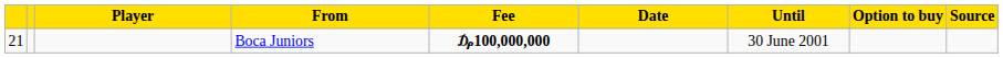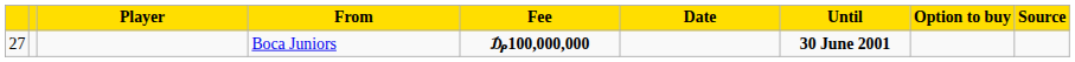 <table class="wikitable sortable">
 <tr>
 <th style="background:#FFDE00"></th>
 <th style="background:#FFDE00"></th>
 <th width=200 style="background:#FFDE00">Player</th>
 <th width=200 style="background:#FFDE00">From</th>
 <th width=150 style="background:#FFDE00">Fee</th>
 <th width=150 style="background:#FFDE00">Date</th>
 <th width=120 style="background:#FFDE00">Until</th>
 <th style="background:#FFDE00">Option to buy</th>
 <th style="background:#FFDE00">Source</th>
 </tr>
 <tr>
-<td align=center>21</td>
+<td align=center>27</td>
 <td align=center></td>
 <td></td>
 <td> <a href='#'>Boca Juniors</a></td>
 <td align=center><strong>₯100,000,000</strong></td>
 <td align=center></td>
-<td align=center>30 June 2001</td>
+<td align=center><strong>30 June 2001</strong></td>
 <td align=center></td>
 <td align=center></td>
 </tr>
 </table>
